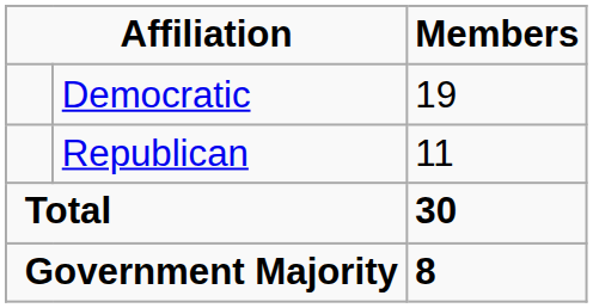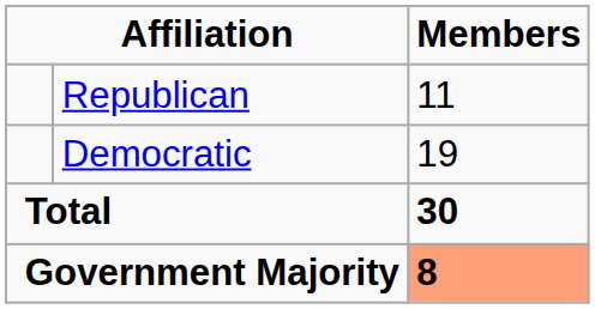 <table class="wikitable">
 <tr>
 <td colspan="2" rowspan="1" align="center" valign="top"><strong>Affiliation</strong></td>
 <td style="vertical-align:top;"><strong>Members</strong></td>
 </tr>
 <tr>
 <td style="background-color:"> </td>
-<td><a href='#'>Democratic</a></td>
-<td>19</td>
+<td><a href='#'>Republican</a></td>
+<td>11</td>
 </tr>
 <tr>
 <td style="background-color:"> </td>
-<td><a href='#'>Republican</a></td>
-<td>11</td>
+<td><a href='#'>Democratic</a></td>
+<td>19</td>
 </tr>
 <tr>
 <td colspan="2" rowspan="1"> <strong>Total</strong></td>
 <td><strong>30</strong></td>
 </tr>
 <tr>
 <td colspan="2" rowspan="1"> <strong>Government Majority</strong></td>
-<td><strong>8</strong></td>
+<td style="background: lightsalmon;"><strong>8</strong></td>
 </tr>
 </table>
